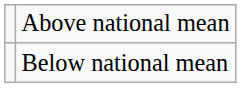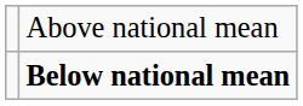 <table class="wikitable">
 <tr>
 <td></td>
 <td>Above national mean</td>
 </tr>
 <tr>
 <td></td>
-<td>Below national mean</td>
+<td><strong>Below national mean</strong></td>
 </tr>
 </table>
